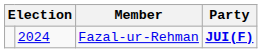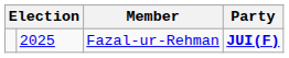 <table class="wikitable">
 <tr>
 <th colspan="2">Election</th>
 <th>Member</th>
 <th>Party</th>
 </tr>
 <tr>
 <td></td>
-<td><a href='#'>2024</a></td>
+<td><a href='#'>2025</a></td>
 <td><a href='#'>Fazal-ur-Rehman</a></td>
 <td><strong><a href='#'>JUI(F)</a></strong></td>
 </tr>
 </table>
